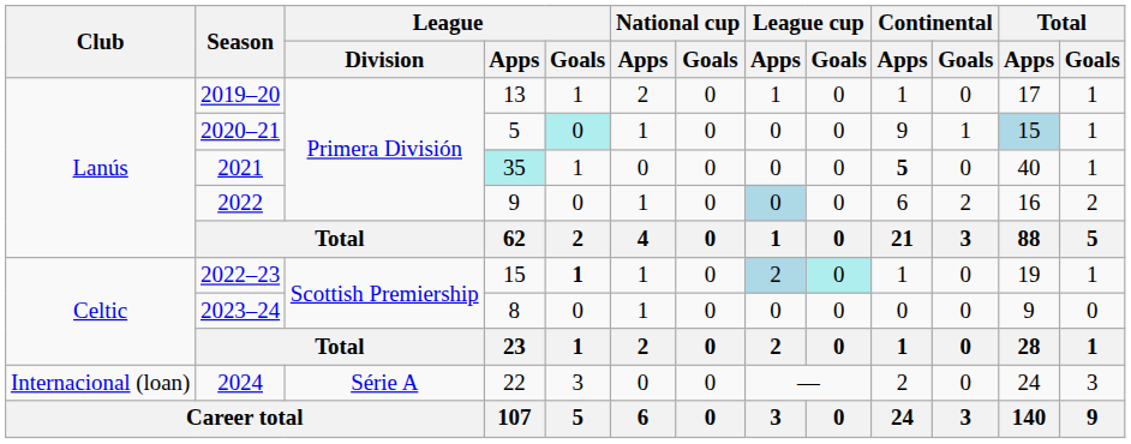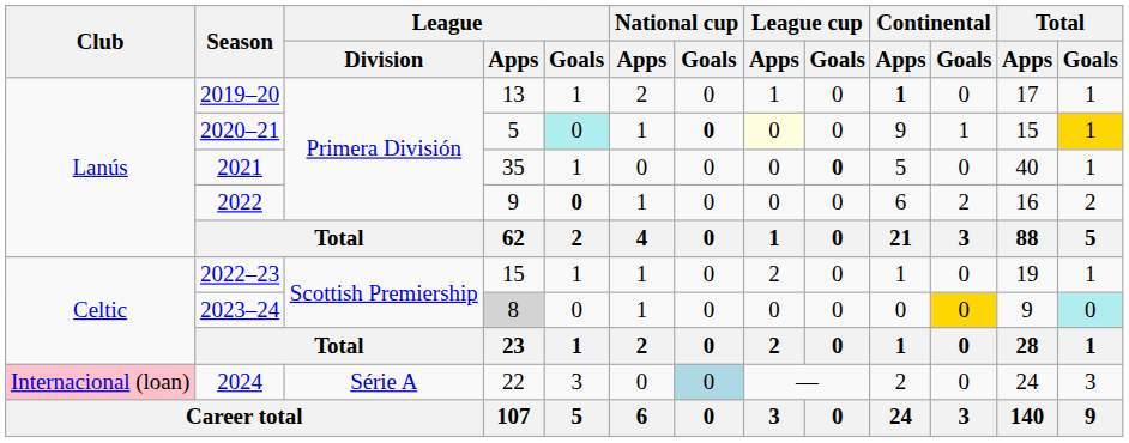 <table class="wikitable" style="text-align:center">
 <tr>
 <th rowspan="2">Club</th>
 <th rowspan="2">Season</th>
 <th colspan="3">League</th>
 <th colspan="2">National cup</th>
 <th colspan="2">League cup</th>
 <th colspan="2">Continental</th>
 <th colspan="2">Total</th>
 </tr>
 <tr>
 <th>Division</th>
 <th>Apps</th>
 <th>Goals</th>
 <th>Apps</th>
 <th>Goals</th>
 <th>Apps</th>
 <th>Goals</th>
 <th>Apps</th>
 <th>Goals</th>
 <th>Apps</th>
 <th>Goals</th>
 </tr>
 <tr>
 <td rowspan="5"><a href='#'>Lanús</a></td>
 <td><a href='#'>2019–20</a></td>
 <td rowspan="4"><a href='#'>Primera División</a></td>
 <td>13</td>
 <td>1</td>
 <td>2</td>
 <td>0</td>
 <td>1</td>
 <td>0</td>
-<td>1</td>
+<td><strong>1</strong></td>
 <td>0</td>
 <td>17</td>
 <td>1</td>
 </tr>
 <tr>
 <td><a href='#'>2020–21</a></td>
 <td>5</td>
 <td style="background: paleturquoise;">0</td>
 <td>1</td>
-<td>0</td>
-<td>0</td>
+<td><strong>0</strong></td>
+<td style="background: lightyellow;">0</td>
 <td>0</td>
 <td>9</td>
 <td>1</td>
-<td style="background: lightblue;">15</td>
-<td>1</td>
+<td>15</td>
+<td style="background: gold;">1</td>
 </tr>
 <tr>
 <td><a href='#'>2021</a></td>
-<td style="background: paleturquoise;">35</td>
+<td>35</td>
 <td>1</td>
 <td>0</td>
 <td>0</td>
 <td>0</td>
-<td>0</td>
-<td><strong>5</strong></td>
+<td><strong>0</strong></td>
+<td>5</td>
 <td>0</td>
 <td>40</td>
 <td>1</td>
 </tr>
 <tr>
 <td><a href='#'>2022</a></td>
 <td>9</td>
-<td>0</td>
+<td><strong>0</strong></td>
 <td>1</td>
 <td>0</td>
-<td style="background: lightblue;">0</td>
+<td>0</td>
 <td>0</td>
 <td>6</td>
 <td>2</td>
 <td>16</td>
 <td>2</td>
 </tr>
 <tr>
 <th colspan="2">Total</th>
 <th>62</th>
 <th>2</th>
 <th>4</th>
 <th>0</th>
 <th>1</th>
 <th>0</th>
 <th>21</th>
 <th>3</th>
 <th>88</th>
 <th>5</th>
 </tr>
 <tr>
 <td rowspan="3"><a href='#'>Celtic</a></td>
 <td><a href='#'>2022–23</a></td>
 <td rowspan="2"><a href='#'>Scottish Premiership</a></td>
 <td>15</td>
-<td><strong>1</strong></td>
+<td>1</td>
 <td>1</td>
 <td>0</td>
-<td style="background: lightblue;">2</td>
-<td style="background: paleturquoise;">0</td>
+<td>2</td>
+<td>0</td>
 <td>1</td>
 <td>0</td>
 <td>19</td>
 <td>1</td>
 </tr>
 <tr>
 <td><a href='#'>2023–24</a></td>
-<td>8</td>
+<td style="background: lightgrey;">8</td>
 <td>0</td>
 <td>1</td>
 <td>0</td>
 <td>0</td>
 <td>0</td>
 <td>0</td>
-<td>0</td>
+<td style="background: gold;">0</td>
 <td>9</td>
-<td>0</td>
+<td style="background: paleturquoise;">0</td>
 </tr>
 <tr>
 <th colspan="2">Total</th>
 <th>23</th>
 <th>1</th>
 <th>2</th>
 <th>0</th>
 <th>2</th>
 <th>0</th>
 <th>1</th>
 <th>0</th>
 <th>28</th>
 <th>1</th>
 </tr>
 <tr>
-<td><a href='#'>Internacional</a> (loan)</td>
+<td style="background: pink;"><a href='#'>Internacional</a> (loan)</td>
 <td><a href='#'>2024</a></td>
 <td><a href='#'>Série A</a></td>
 <td>22</td>
 <td>3</td>
 <td>0</td>
-<td>0</td>
+<td style="background: lightblue;">0</td>
 <td colspan="2">—</td>
 <td>2</td>
 <td>0</td>
 <td>24</td>
 <td>3</td>
 </tr>
 <tr>
 <th colspan="3">Career total</th>
 <th>107</th>
 <th>5</th>
 <th>6</th>
 <th>0</th>
 <th>3</th>
 <th>0</th>
 <th>24</th>
 <th>3</th>
 <th>140</th>
 <th>9</th>
 </tr>
 </table>
